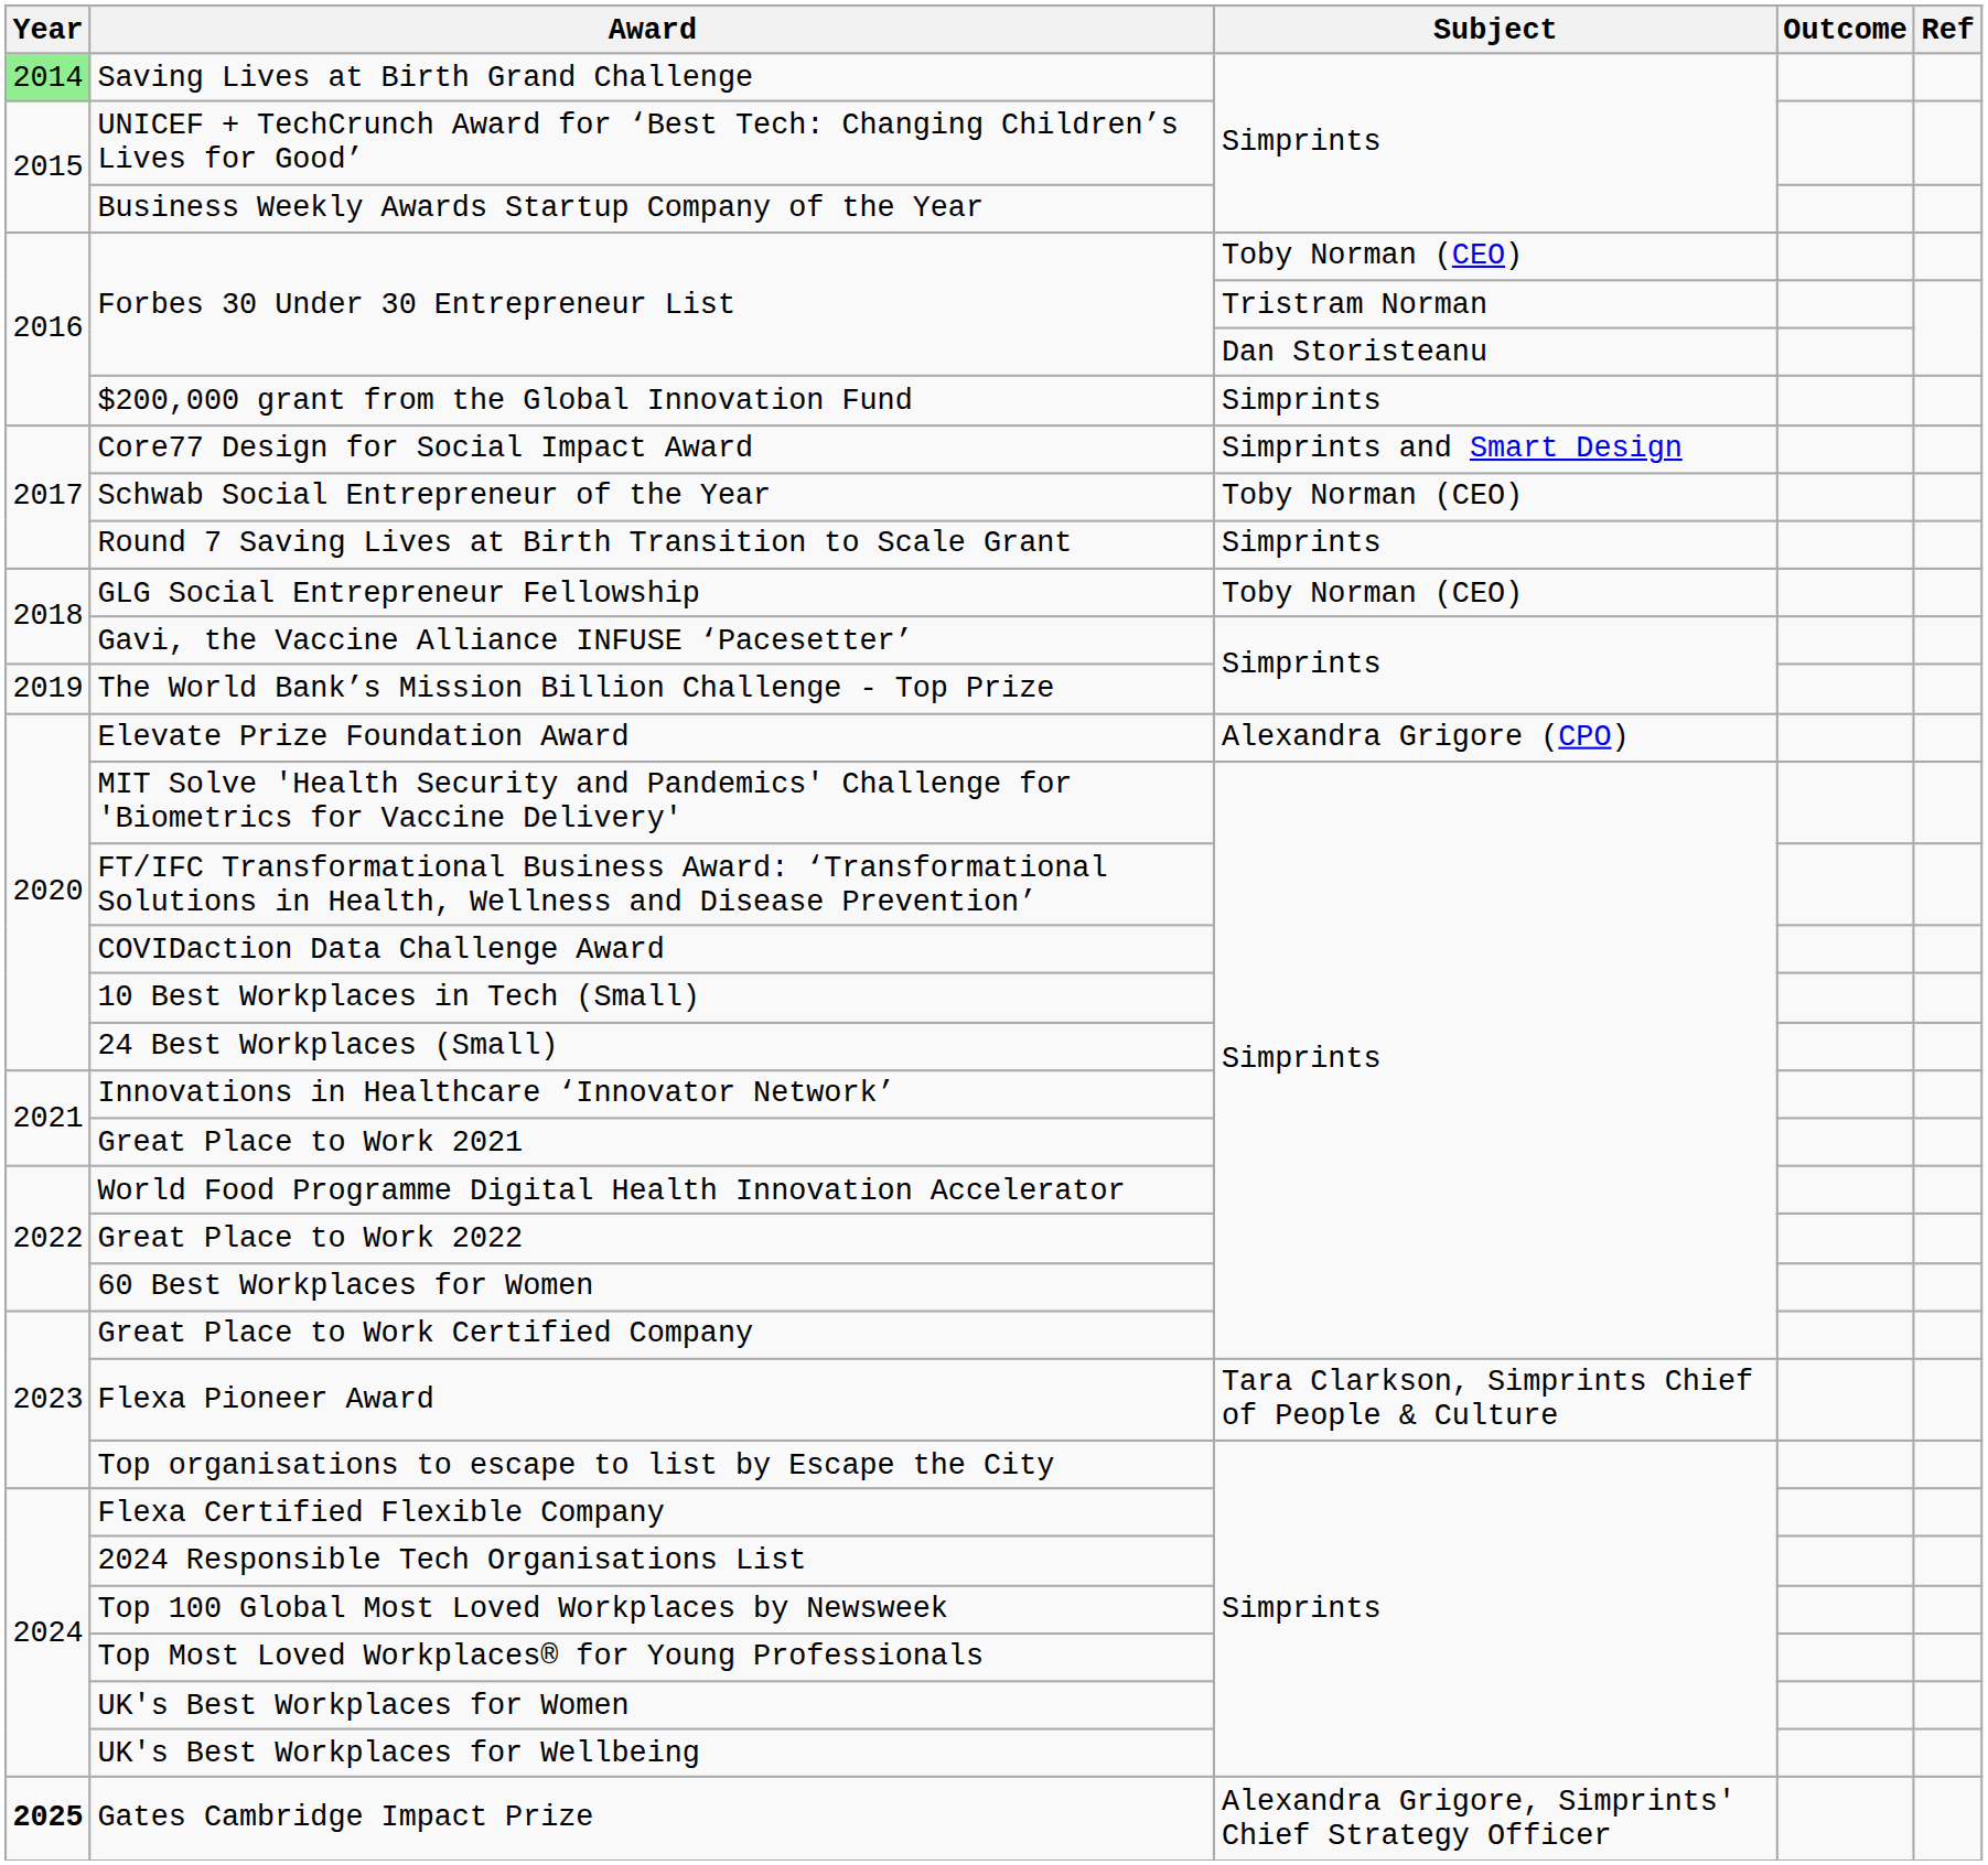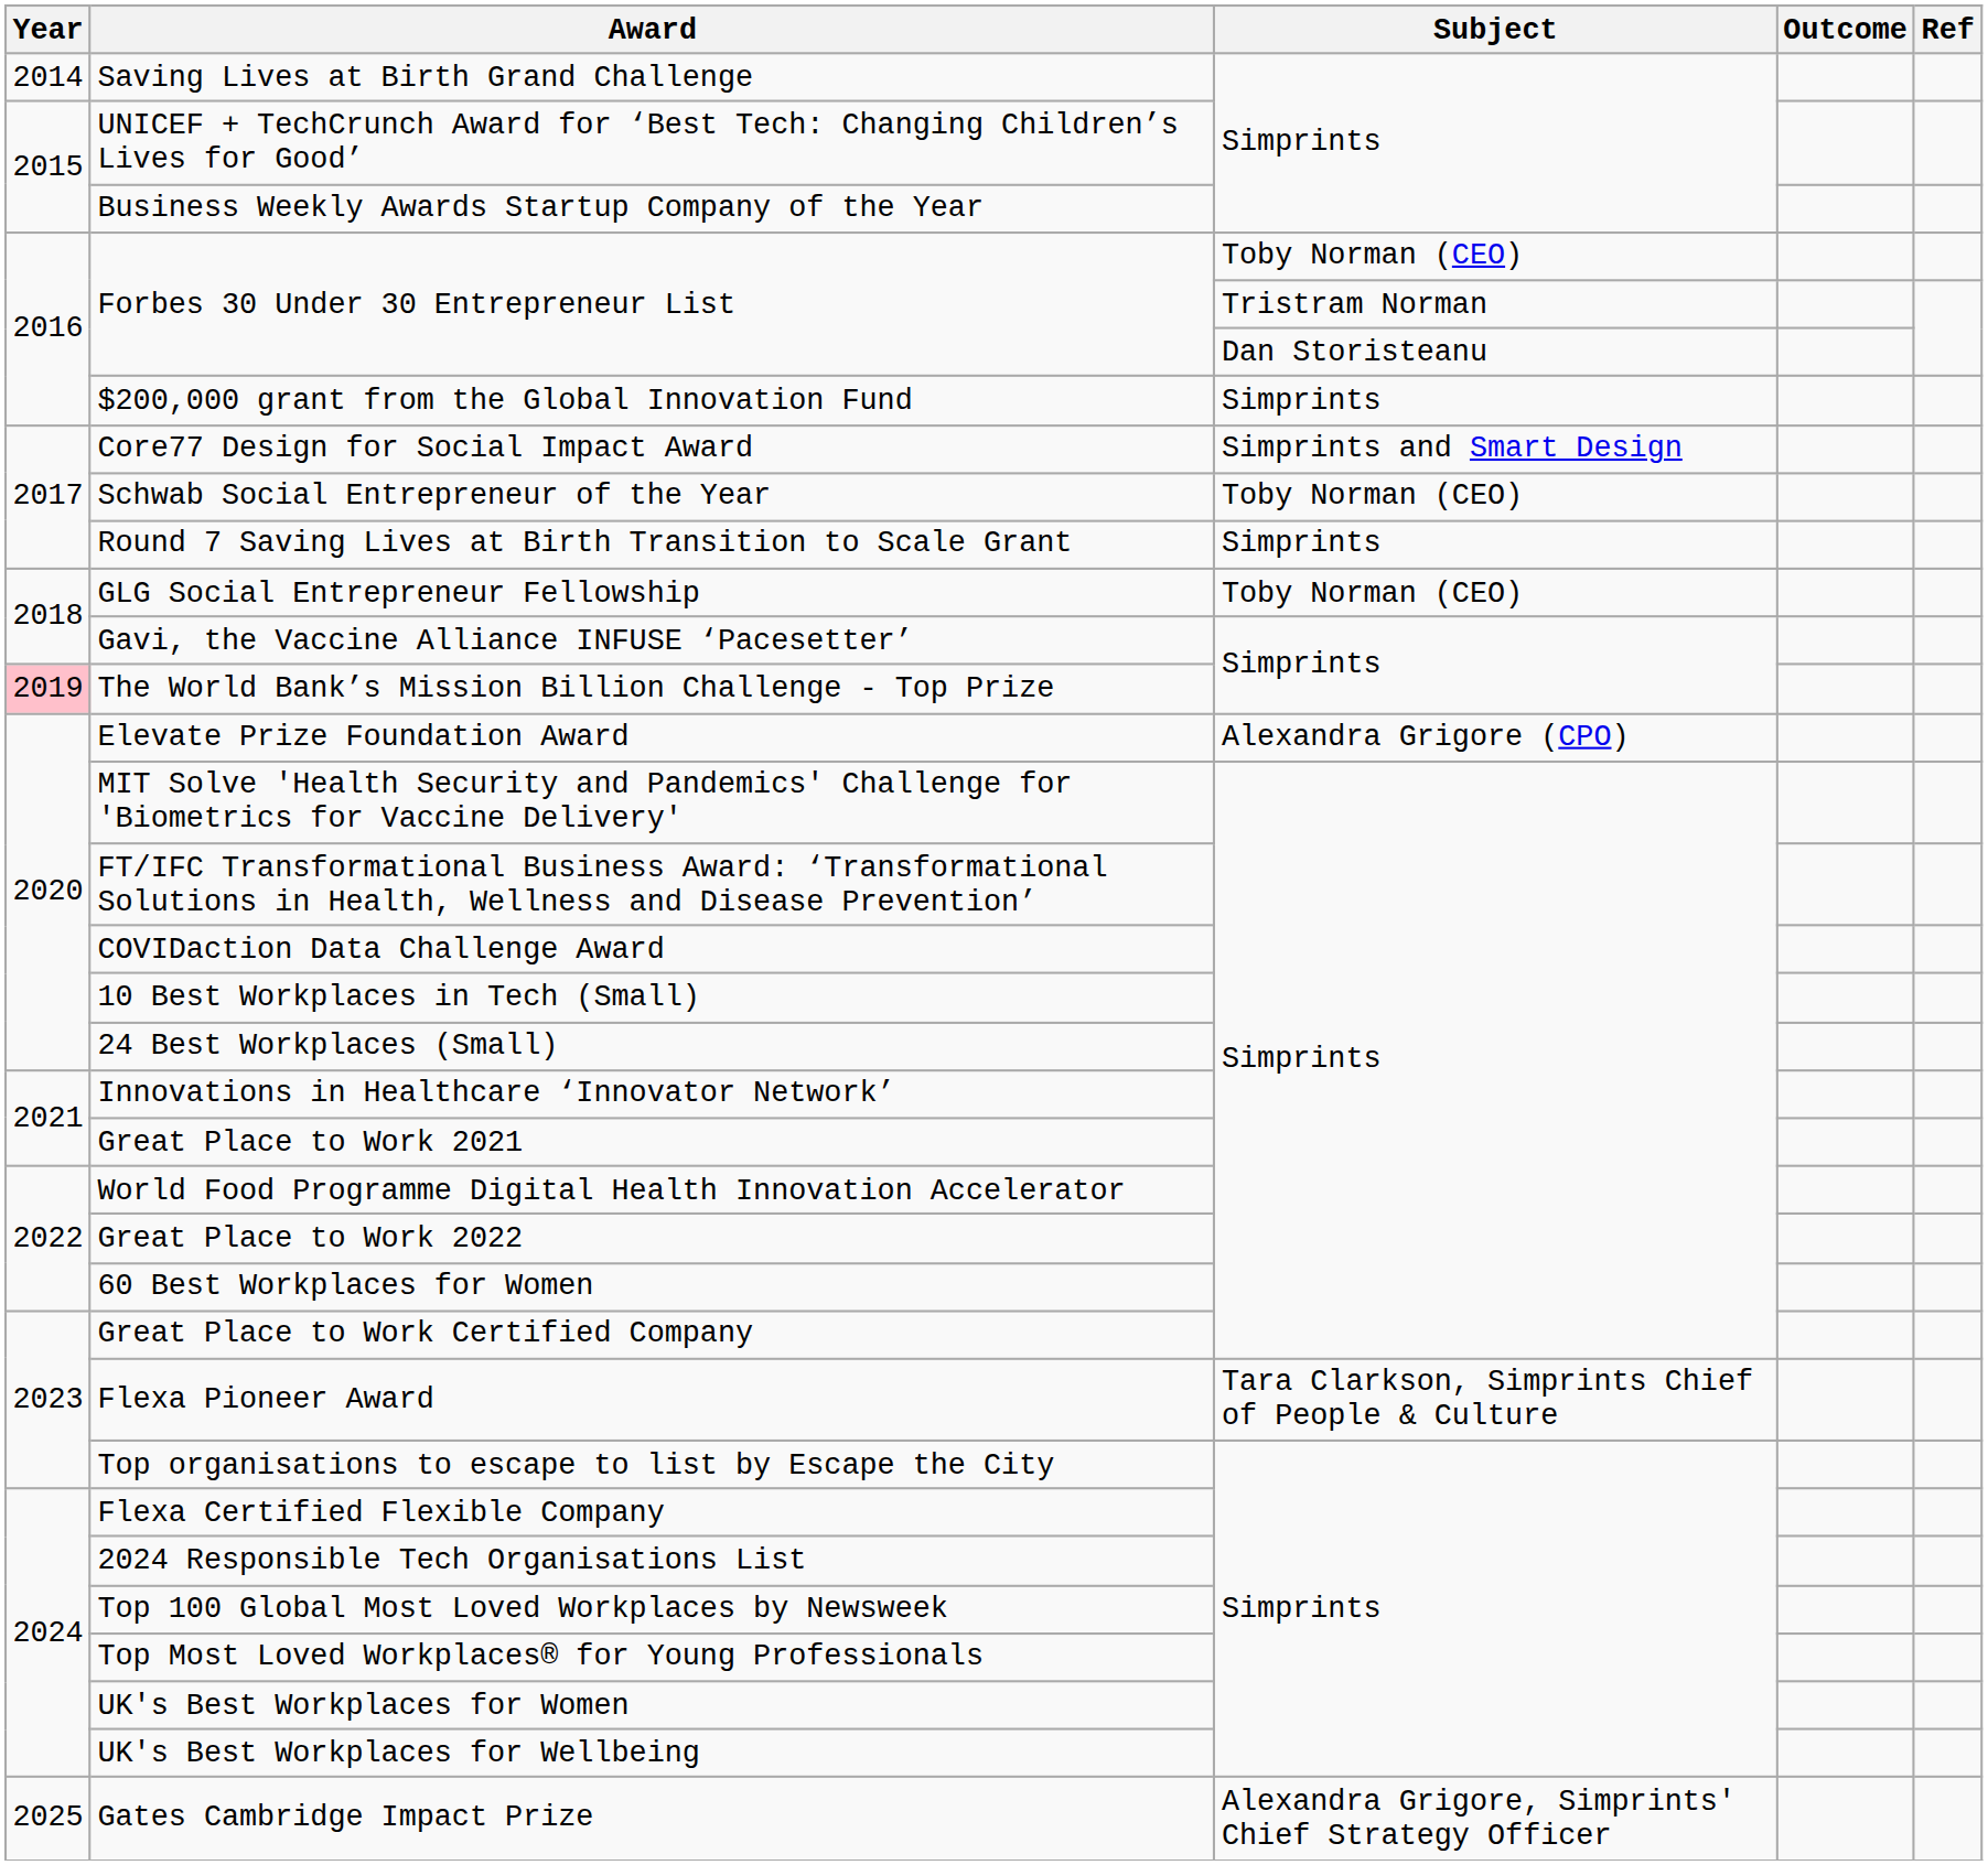 <table class="wikitable">
 <tr>
 <th>Year</th>
 <th>Award</th>
 <th>Subject</th>
 <th>Outcome</th>
 <th>Ref</th>
 </tr>
 <tr>
-<td style="background: lightgreen;">2014</td>
+<td>2014</td>
 <td>Saving Lives at Birth Grand Challenge</td>
 <td rowspan="3">Simprints</td>
 <td></td>
 <td></td>
 </tr>
 <tr>
 <td rowspan="2">2015</td>
 <td>UNICEF + TechCrunch Award for ‘Best Tech: Changing Children’s Lives for Good’</td>
 <td></td>
 <td></td>
 </tr>
 <tr>
 <td>Business Weekly Awards Startup Company of the Year</td>
 <td></td>
 <td></td>
 </tr>
 <tr>
 <td rowspan="4">2016</td>
 <td rowspan="3">Forbes 30 Under 30 Entrepreneur List</td>
 <td>Toby Norman (<a href='#'>CEO</a>)</td>
 <td></td>
 <td></td>
 </tr>
 <tr>
 <td>Tristram Norman</td>
 <td></td>
 <td rowspan="2"></td>
 </tr>
 <tr>
 <td>Dan Storisteanu</td>
 <td></td>
 </tr>
 <tr>
 <td>$200,000 grant from the Global Innovation Fund</td>
 <td>Simprints</td>
 <td></td>
 <td></td>
 </tr>
 <tr>
 <td rowspan="3">2017</td>
 <td>Core77 Design for Social Impact Award</td>
 <td>Simprints and <a href='#'>Smart Design</a></td>
 <td></td>
 <td></td>
 </tr>
 <tr>
 <td>Schwab Social Entrepreneur of the Year</td>
 <td>Toby Norman (CEO)</td>
 <td></td>
 <td></td>
 </tr>
 <tr>
 <td>Round 7 Saving Lives at Birth Transition to Scale Grant</td>
 <td>Simprints</td>
 <td></td>
 <td></td>
 </tr>
 <tr>
 <td rowspan="2">2018</td>
 <td>GLG Social Entrepreneur Fellowship</td>
 <td>Toby Norman (CEO)</td>
 <td></td>
 <td></td>
 </tr>
 <tr>
 <td>Gavi, the Vaccine Alliance INFUSE ‘Pacesetter’</td>
 <td rowspan="2">Simprints</td>
 <td></td>
 <td></td>
 </tr>
 <tr>
-<td>2019</td>
+<td style="background: pink;">2019</td>
 <td>The World Bank’s Mission Billion Challenge - Top Prize</td>
 <td></td>
 <td></td>
 </tr>
 <tr>
 <td rowspan="6">2020</td>
 <td>Elevate Prize Foundation Award</td>
 <td>Alexandra Grigore (<a href='#'>CPO</a>)</td>
 <td></td>
 <td></td>
 </tr>
 <tr>
 <td>MIT Solve 'Health Security and Pandemics' Challenge for 'Biometrics for Vaccine Delivery'</td>
 <td rowspan="11">Simprints</td>
 <td></td>
 <td></td>
 </tr>
 <tr>
 <td>FT/IFC Transformational Business Award: ‘Transformational Solutions in Health, Wellness and Disease Prevention’</td>
 <td></td>
 <td></td>
 </tr>
 <tr>
 <td>COVIDaction Data Challenge Award</td>
 <td></td>
 <td></td>
 </tr>
 <tr>
 <td>10 Best Workplaces in Tech (Small)</td>
 <td></td>
 <td></td>
 </tr>
 <tr>
 <td>24 Best Workplaces (Small)</td>
 <td></td>
 <td></td>
 </tr>
 <tr>
 <td rowspan="2">2021</td>
 <td>Innovations in Healthcare ‘Innovator Network’</td>
 <td></td>
 <td></td>
 </tr>
 <tr>
 <td>Great Place to Work 2021</td>
 <td></td>
 <td></td>
 </tr>
 <tr>
 <td rowspan="3">2022</td>
 <td>World Food Programme Digital Health Innovation Accelerator</td>
 <td></td>
 <td></td>
 </tr>
 <tr>
 <td>Great Place to Work 2022</td>
 <td></td>
 <td></td>
 </tr>
 <tr>
 <td>60 Best Workplaces for Women</td>
 <td></td>
 <td></td>
 </tr>
 <tr>
 <td rowspan="3">2023</td>
 <td>Great Place to Work Certified Company</td>
 <td></td>
 <td></td>
 </tr>
 <tr>
 <td>Flexa Pioneer Award</td>
 <td>Tara Clarkson, Simprints Chief of People & Culture</td>
 <td></td>
 <td></td>
 </tr>
 <tr>
 <td>Top organisations to escape to list by Escape the City</td>
 <td rowspan="7">Simprints</td>
 <td></td>
 <td></td>
 </tr>
 <tr>
 <td rowspan="6">2024</td>
 <td>Flexa Certified Flexible Company</td>
 <td></td>
 <td></td>
 </tr>
 <tr>
 <td>2024 Responsible Tech Organisations List</td>
 <td></td>
 <td></td>
 </tr>
 <tr>
 <td>Top 100 Global Most Loved Workplaces by Newsweek</td>
 <td></td>
 <td></td>
 </tr>
 <tr>
 <td>Top Most Loved Workplaces® for Young Professionals</td>
 <td></td>
 <td></td>
 </tr>
 <tr>
 <td>UK's Best Workplaces for Women</td>
 <td></td>
 <td></td>
 </tr>
 <tr>
 <td>UK's Best Workplaces for Wellbeing</td>
 <td></td>
 <td></td>
 </tr>
 <tr>
-<td><strong>2025</strong></td>
+<td>2025</td>
 <td>Gates Cambridge Impact Prize</td>
 <td rowspan="3">Alexandra Grigore, Simprints' Chief Strategy Officer</td>
 <td></td>
 <td></td>
 </tr>
 <tr>
 </tr>
 </table>
